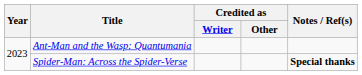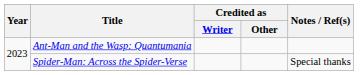 <table class="wikitable">
 <tr style="background:#ccc; text-align:center;">
 <th rowspan="2" style="width:33px;">Year</th>
 <th rowspan="2">Title</th>
 <th colspan="2">Credited as</th>
 <th rowspan="2">Notes / Ref(s)</th>
 </tr>
 <tr>
 <th width="65"><a href='#'>Writer</a></th>
 <th width="65">Other</th>
 </tr>
 <tr>
 <td rowspan="2">2023</td>
 <td><em><a href='#'>Ant-Man and the Wasp: Quantumania</a></em></td>
 <td></td>
 <td></td>
 <td></td>
 </tr>
 <tr>
 <td><em><a href='#'>Spider-Man: Across the Spider-Verse</a></em></td>
 <td></td>
 <td></td>
-<td><strong>Special thanks</strong></td>
+<td>Special thanks</td>
 </tr>
 </table>
